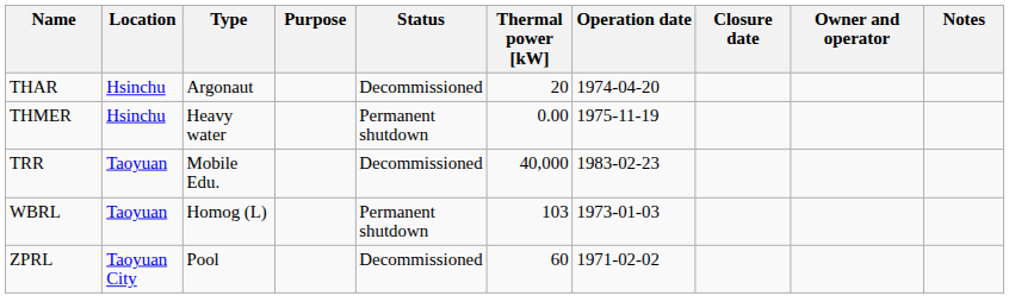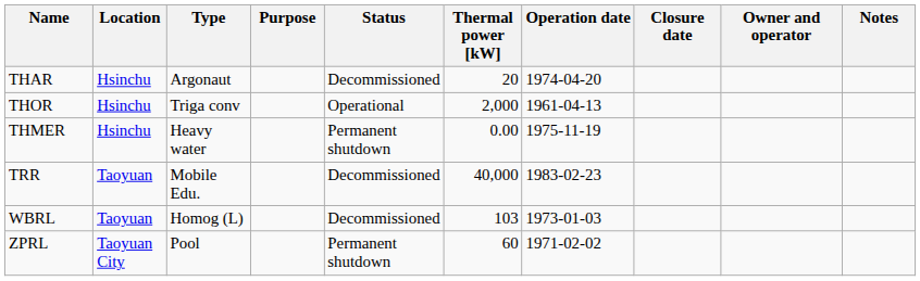 <table class="wikitable" >
 <tr valign="top">
 <th width="80">Name</th>
 <th width="65">Location</th>
 <th width="76">Type</th>
 <th width="65">Purpose</th>
 <th width="91">Status</th>
 <th width="70“">Thermal power [kW]</th>
 <th width=„67“>Operation date</th>
 <th width="78“">Closure date</th>
 <th width="113“">Owner and operator</th>
 <th width="65">Notes</th>
 </tr>
 <tr valign="top">
 <td>THAR</td>
 <td><a href='#'>Hsinchu</a></td>
 <td>Argonaut</td>
 <td></td>
 <td>Decommissioned</td>
 <td align="right">20</td>
 <td>1974-04-20</td>
+<td></td>
+<td></td>
+<td></td>
+</tr>
+<tr valign="top">
+<td>THOR</td>
+<td><a href='#'>Hsinchu</a></td>
+<td>Triga conv</td>
+<td></td>
+<td>Operational</td>
+<td align="right">2,000</td>
+<td>1961-04-13</td>
 <td></td>
 <td></td>
 <td></td>
 </tr>
 <tr valign="top">
 <td>THMER</td>
 <td><a href='#'>Hsinchu</a></td>
 <td>Heavy water</td>
 <td></td>
 <td>Permanent shutdown</td>
 <td align="right">0.00</td>
 <td>1975-11-19</td>
 <td></td>
 <td></td>
 <td></td>
 </tr>
 <tr valign="top">
 <td>TRR</td>
 <td><a href='#'>Taoyuan</a></td>
 <td>Mobile Edu.</td>
 <td></td>
 <td>Decommissioned</td>
 <td align="right">40,000</td>
 <td>1983-02-23</td>
 <td></td>
 <td></td>
 <td></td>
 </tr>
 <tr valign="top">
 <td>WBRL</td>
 <td><a href='#'>Taoyuan</a></td>
 <td>Homog (L)</td>
 <td></td>
-<td>Permanent shutdown</td>
+<td>Decommissioned</td>
 <td align="right">103</td>
 <td>1973-01-03</td>
 <td></td>
 <td></td>
 <td></td>
 </tr>
 <tr valign="top">
 <td>ZPRL</td>
 <td><a href='#'>Taoyuan City</a></td>
 <td>Pool</td>
 <td></td>
-<td>Decommissioned</td>
+<td>Permanent shutdown</td>
 <td align="right">60</td>
 <td>1971-02-02</td>
 <td></td>
 <td></td>
 <td></td>
 </tr>
 </table>
